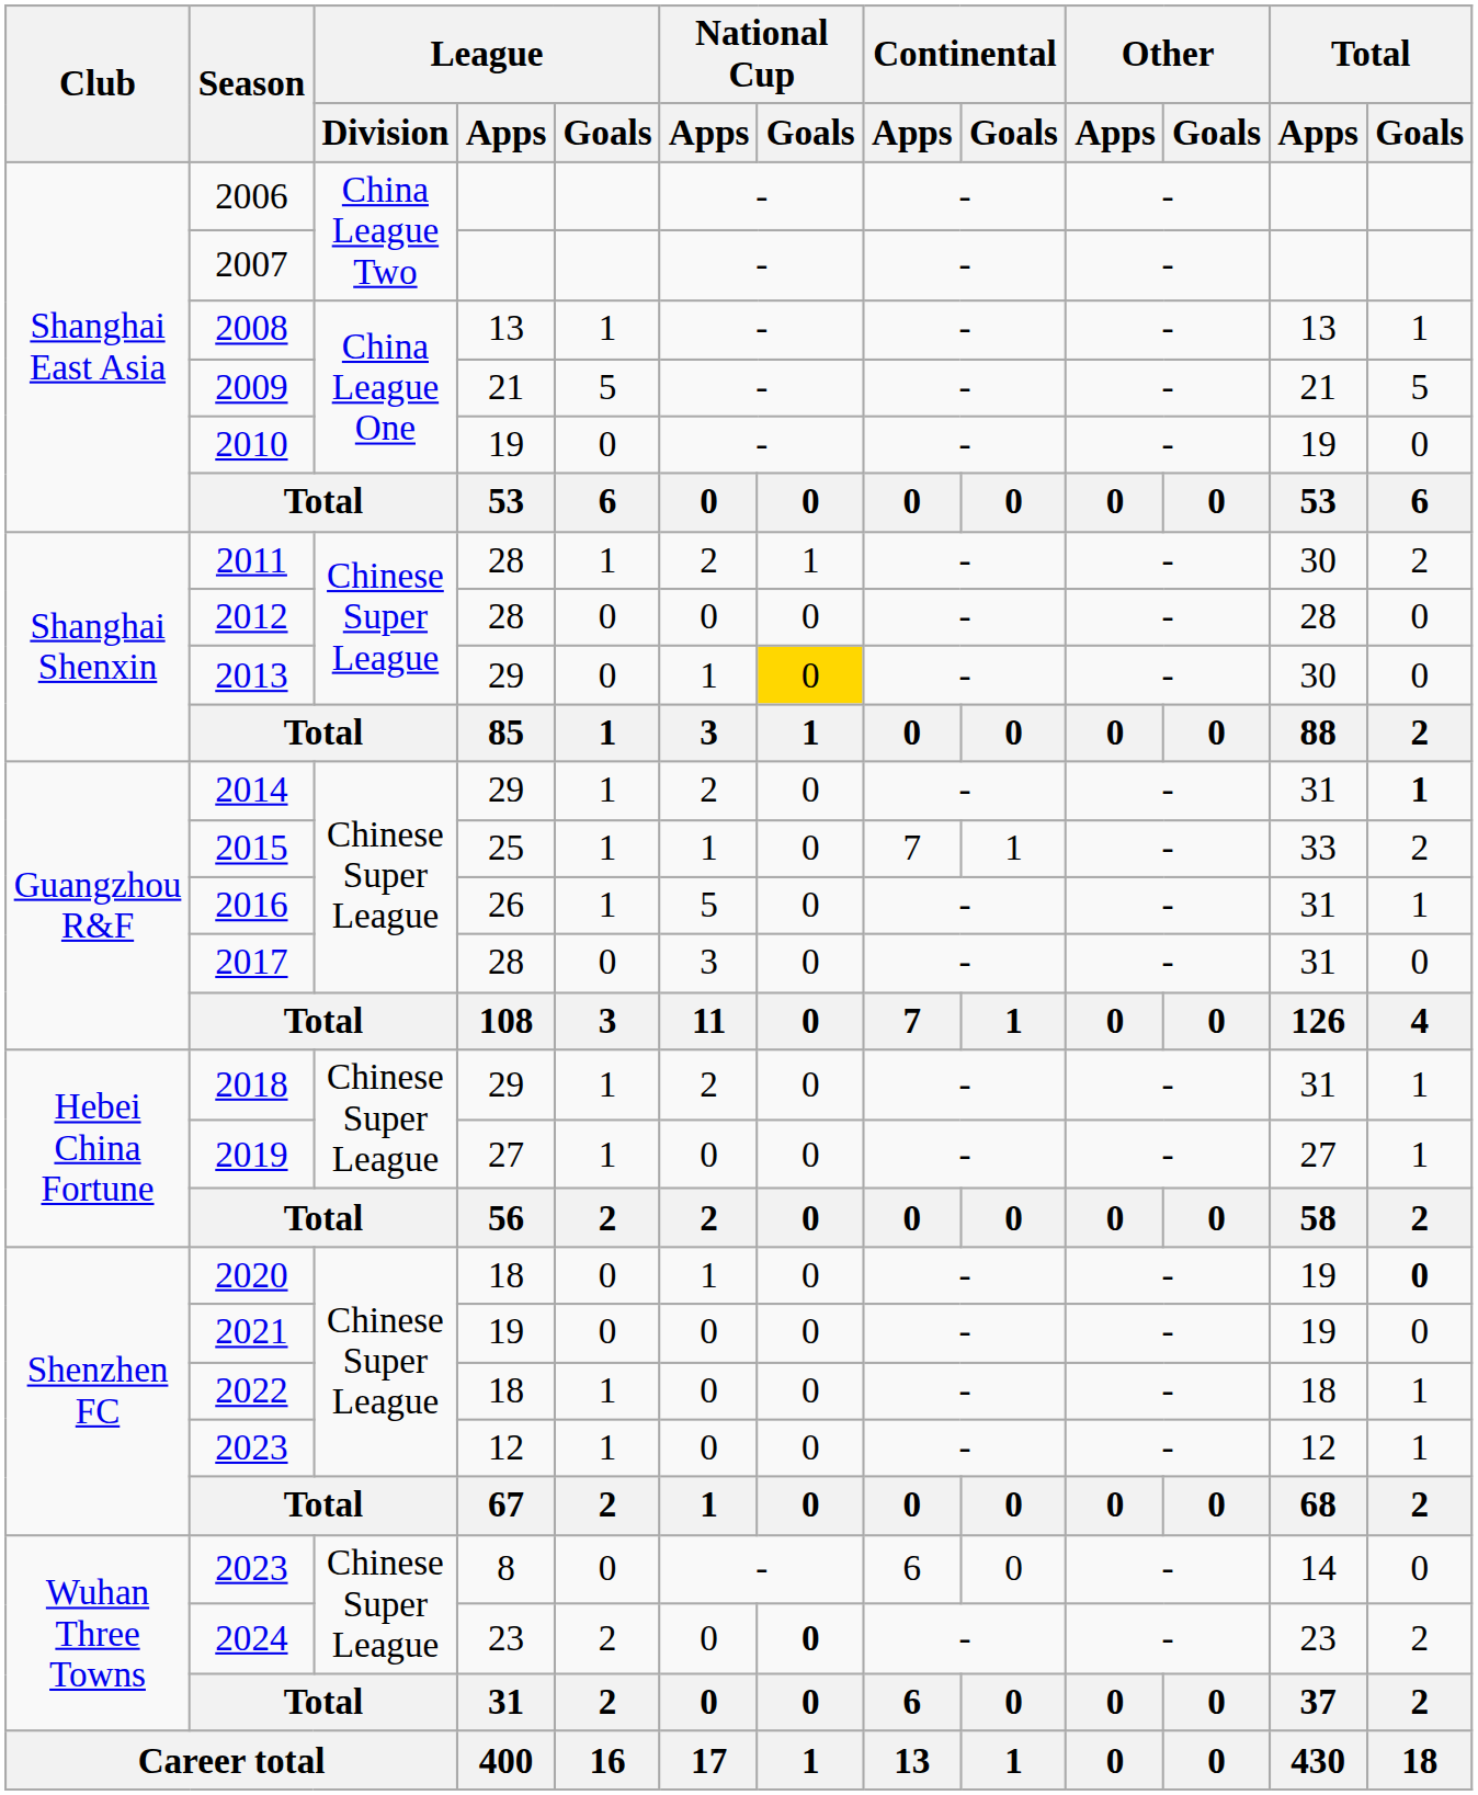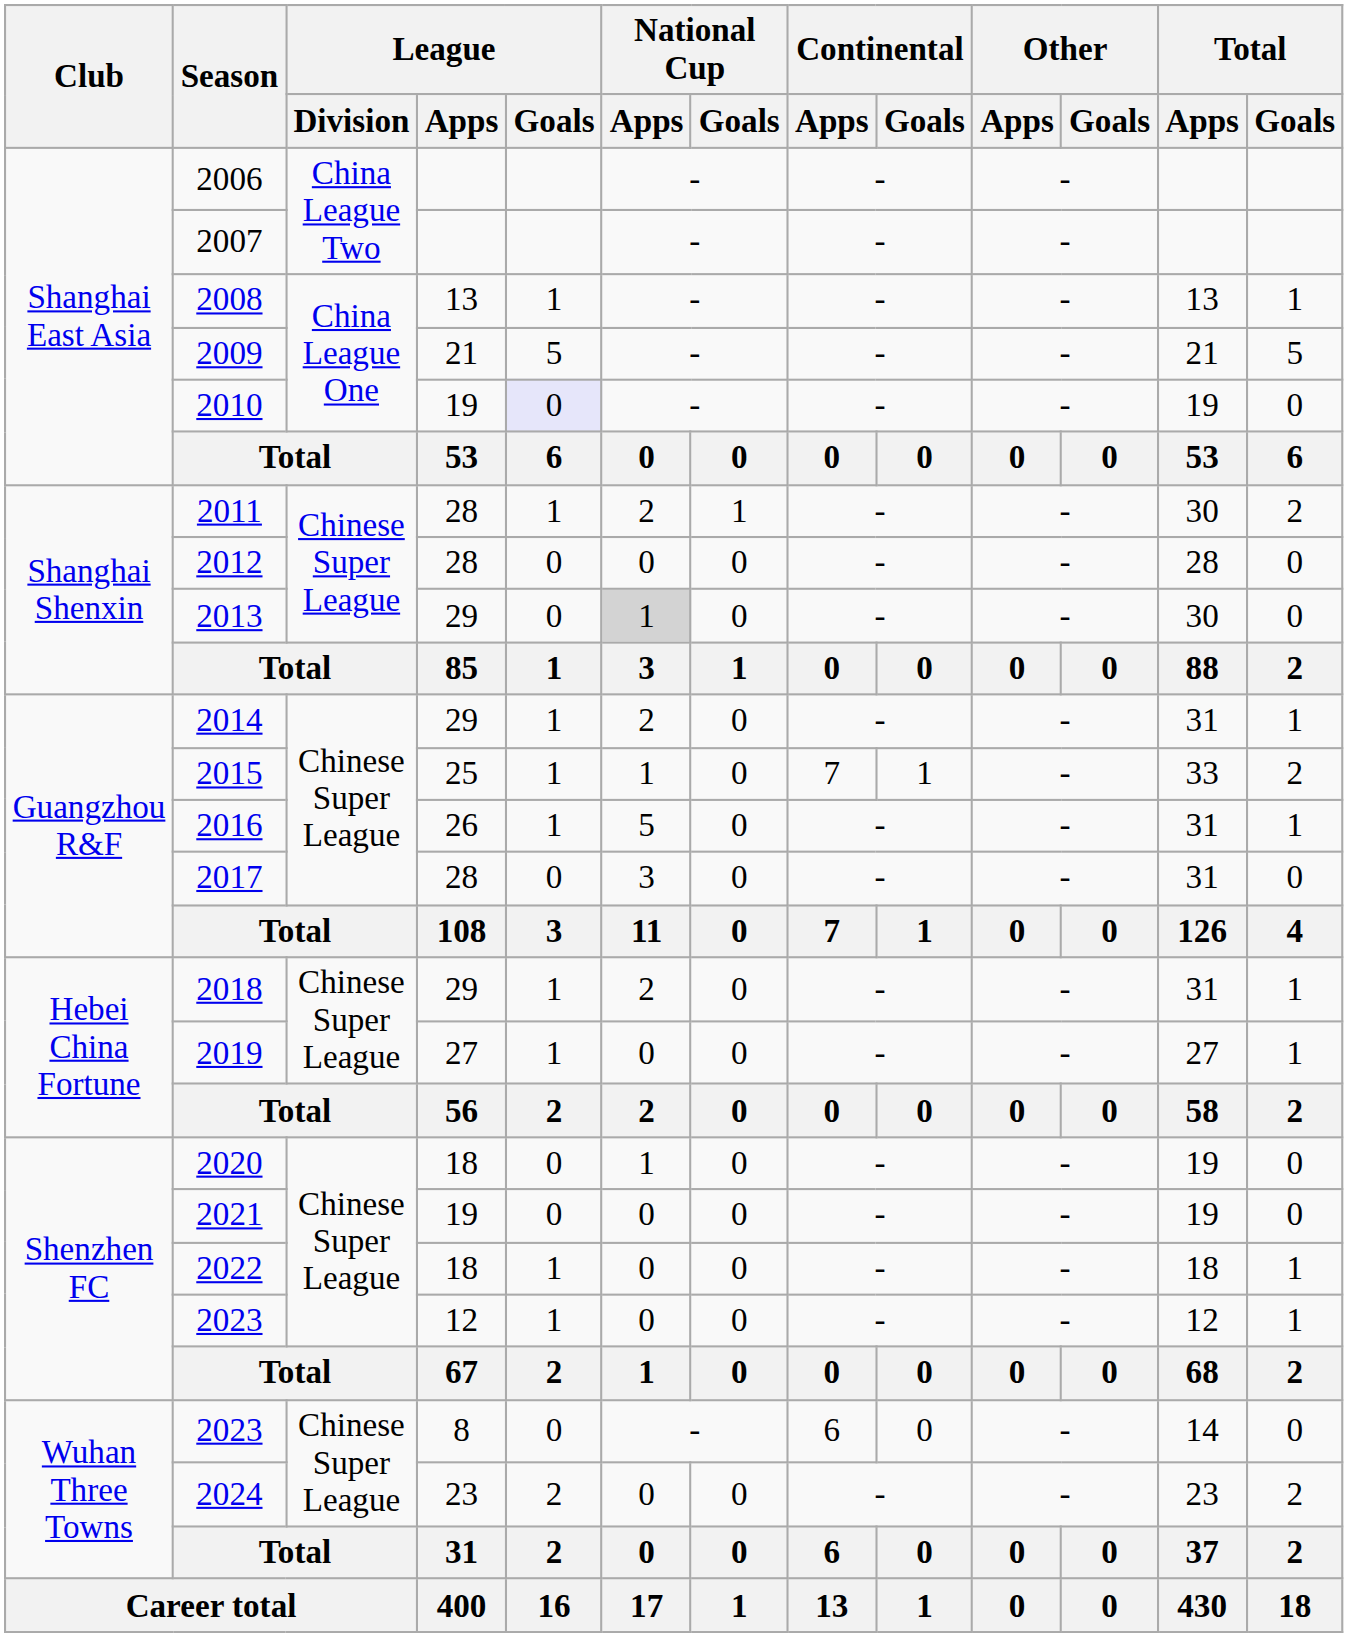 <table class="wikitable" style="text-align: center">
 <tr>
 <th rowspan="2">Club</th>
 <th rowspan="2">Season</th>
 <th colspan="3">League</th>
 <th colspan="2">National Cup</th>
 <th colspan="2">Continental</th>
 <th colspan="2">Other</th>
 <th colspan="2">Total</th>
 </tr>
 <tr>
 <th>Division</th>
 <th>Apps</th>
 <th>Goals</th>
 <th>Apps</th>
 <th>Goals</th>
 <th>Apps</th>
 <th>Goals</th>
 <th>Apps</th>
 <th>Goals</th>
 <th>Apps</th>
 <th>Goals</th>
 </tr>
 <tr>
 <td rowspan="6"><a href='#'>Shanghai East Asia</a></td>
 <td>2006</td>
 <td rowspan="2"><a href='#'>China League Two</a></td>
 <td></td>
 <td></td>
 <td colspan="2">-</td>
 <td colspan="2">-</td>
 <td colspan="2">-</td>
 <td></td>
 <td></td>
 </tr>
 <tr>
 <td>2007</td>
 <td></td>
 <td></td>
 <td colspan="2">-</td>
 <td colspan="2">-</td>
 <td colspan="2">-</td>
 <td></td>
 <td></td>
 </tr>
 <tr>
 <td><a href='#'>2008</a></td>
 <td rowspan="3"><a href='#'>China League One</a></td>
 <td>13</td>
 <td>1</td>
 <td colspan="2">-</td>
 <td colspan="2">-</td>
 <td colspan="2">-</td>
 <td>13</td>
 <td>1</td>
 </tr>
 <tr>
 <td><a href='#'>2009</a></td>
 <td>21</td>
 <td>5</td>
 <td colspan="2">-</td>
 <td colspan="2">-</td>
 <td colspan="2">-</td>
 <td>21</td>
 <td>5</td>
 </tr>
 <tr>
 <td><a href='#'>2010</a></td>
 <td>19</td>
-<td>0</td>
+<td style="background: lavender;">0</td>
 <td colspan="2">-</td>
 <td colspan="2">-</td>
 <td colspan="2">-</td>
 <td>19</td>
 <td>0</td>
 </tr>
 <tr>
 <th colspan="2"><strong>Total</strong></th>
 <th>53</th>
 <th>6</th>
 <th>0</th>
 <th>0</th>
 <th>0</th>
 <th>0</th>
 <th>0</th>
 <th>0</th>
 <th>53</th>
 <th>6</th>
 </tr>
 <tr>
 <td rowspan="4"><a href='#'>Shanghai Shenxin</a></td>
 <td><a href='#'>2011</a></td>
 <td rowspan="3"><a href='#'>Chinese Super League</a></td>
 <td>28</td>
 <td>1</td>
 <td>2</td>
 <td>1</td>
 <td colspan="2">-</td>
 <td colspan="2">-</td>
 <td>30</td>
 <td>2</td>
 </tr>
 <tr>
 <td><a href='#'>2012</a></td>
 <td>28</td>
 <td>0</td>
 <td>0</td>
 <td>0</td>
 <td colspan="2">-</td>
 <td colspan="2">-</td>
 <td>28</td>
 <td>0</td>
 </tr>
 <tr>
 <td><a href='#'>2013</a></td>
 <td>29</td>
 <td>0</td>
-<td>1</td>
-<td style="background: gold;">0</td>
+<td style="background: lightgrey;">1</td>
+<td>0</td>
 <td colspan="2">-</td>
 <td colspan="2">-</td>
 <td>30</td>
 <td>0</td>
 </tr>
 <tr>
 <th colspan="2"><strong>Total</strong></th>
 <th>85</th>
 <th>1</th>
 <th>3</th>
 <th>1</th>
 <th>0</th>
 <th>0</th>
 <th>0</th>
 <th>0</th>
 <th>88</th>
 <th>2</th>
 </tr>
 <tr>
 <td rowspan="5"><a href='#'>Guangzhou R&F</a></td>
 <td><a href='#'>2014</a></td>
 <td rowspan="4">Chinese Super League</td>
 <td>29</td>
 <td>1</td>
 <td>2</td>
 <td>0</td>
 <td colspan="2">-</td>
 <td colspan="2">-</td>
 <td>31</td>
-<td><strong>1</strong></td>
+<td>1</td>
 </tr>
 <tr>
 <td><a href='#'>2015</a></td>
 <td>25</td>
 <td>1</td>
 <td>1</td>
 <td>0</td>
 <td>7</td>
 <td>1</td>
 <td colspan="2">-</td>
 <td>33</td>
 <td>2</td>
 </tr>
 <tr>
 <td><a href='#'>2016</a></td>
 <td>26</td>
 <td>1</td>
 <td>5</td>
 <td>0</td>
 <td colspan="2">-</td>
 <td colspan="2">-</td>
 <td>31</td>
 <td>1</td>
 </tr>
 <tr>
 <td><a href='#'>2017</a></td>
 <td>28</td>
 <td>0</td>
 <td>3</td>
 <td>0</td>
 <td colspan="2">-</td>
 <td colspan="2">-</td>
 <td>31</td>
 <td>0</td>
 </tr>
 <tr>
 <th colspan="2"><strong>Total</strong></th>
 <th>108</th>
 <th>3</th>
 <th>11</th>
 <th>0</th>
 <th>7</th>
 <th>1</th>
 <th>0</th>
 <th>0</th>
 <th>126</th>
 <th>4</th>
 </tr>
 <tr>
 <td rowspan="3"><a href='#'>Hebei China Fortune</a></td>
 <td><a href='#'>2018</a></td>
 <td rowspan="2">Chinese Super League</td>
 <td>29</td>
 <td>1</td>
 <td>2</td>
 <td>0</td>
 <td colspan="2">-</td>
 <td colspan="2">-</td>
 <td>31</td>
 <td>1</td>
 </tr>
 <tr>
 <td><a href='#'>2019</a></td>
 <td>27</td>
 <td>1</td>
 <td>0</td>
 <td>0</td>
 <td colspan="2">-</td>
 <td colspan="2">-</td>
 <td>27</td>
 <td>1</td>
 </tr>
 <tr>
 <th colspan="2"><strong>Total</strong></th>
 <th>56</th>
 <th>2</th>
 <th>2</th>
 <th>0</th>
 <th>0</th>
 <th>0</th>
 <th>0</th>
 <th>0</th>
 <th>58</th>
 <th>2</th>
 </tr>
 <tr>
 <td rowspan=5><a href='#'>Shenzhen FC</a></td>
 <td><a href='#'>2020</a></td>
 <td rowspan=4>Chinese Super League</td>
 <td>18</td>
 <td>0</td>
 <td>1</td>
 <td>0</td>
 <td colspan="2">-</td>
 <td colspan="2">-</td>
 <td>19</td>
-<td><strong>0</strong></td>
+<td>0</td>
 </tr>
 <tr>
 <td><a href='#'>2021</a></td>
 <td>19</td>
 <td>0</td>
 <td>0</td>
 <td>0</td>
 <td colspan="2">-</td>
 <td colspan="2">-</td>
 <td>19</td>
 <td>0</td>
 </tr>
 <tr>
 <td><a href='#'>2022</a></td>
 <td>18</td>
 <td>1</td>
 <td>0</td>
 <td>0</td>
 <td colspan="2">-</td>
 <td colspan="2">-</td>
 <td>18</td>
 <td>1</td>
 </tr>
 <tr>
 <td><a href='#'>2023</a></td>
 <td>12</td>
 <td>1</td>
 <td>0</td>
 <td>0</td>
 <td colspan="2">-</td>
 <td colspan="2">-</td>
 <td>12</td>
 <td>1</td>
 </tr>
 <tr>
 <th colspan="2"><strong>Total</strong></th>
 <th>67</th>
 <th>2</th>
 <th>1</th>
 <th>0</th>
 <th>0</th>
 <th>0</th>
 <th>0</th>
 <th>0</th>
 <th>68</th>
 <th>2</th>
 </tr>
 <tr>
 <td rowspan="3"><a href='#'>Wuhan Three Towns</a></td>
 <td><a href='#'>2023</a></td>
 <td rowspan="2">Chinese Super League</td>
 <td>8</td>
 <td>0</td>
 <td colspan="2">-</td>
 <td>6</td>
 <td>0</td>
 <td colspan="2">-</td>
 <td>14</td>
 <td>0</td>
 </tr>
 <tr>
 <td><a href='#'>2024</a></td>
 <td>23</td>
 <td>2</td>
 <td>0</td>
-<td><strong>0</strong></td>
+<td>0</td>
 <td colspan="2">-</td>
 <td colspan="2">-</td>
 <td>23</td>
 <td>2</td>
 </tr>
 <tr>
 <th colspan="2"><strong>Total</strong></th>
 <th>31</th>
 <th>2</th>
 <th>0</th>
 <th>0</th>
 <th>6</th>
 <th>0</th>
 <th>0</th>
 <th>0</th>
 <th>37</th>
 <th>2</th>
 </tr>
 <tr>
 <th colspan=3>Career total</th>
 <th>400</th>
 <th>16</th>
 <th>17</th>
 <th>1</th>
 <th>13</th>
 <th>1</th>
 <th>0</th>
 <th>0</th>
 <th>430</th>
 <th>18</th>
 </tr>
 </table>
